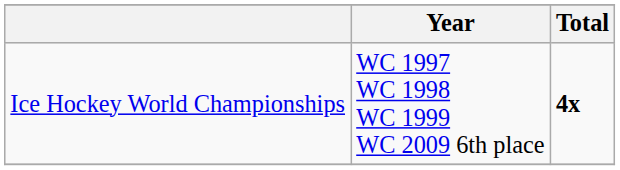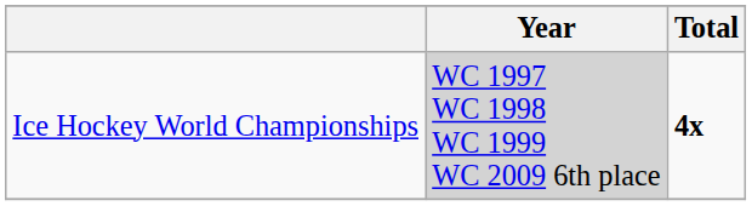 <table class="wikitable">
 <tr bgcolor="#ececec">
 </tr>
 <tr>
 <th></th>
 <th>Year</th>
 <th>Total</th>
 </tr>
 <tr>
 <td><a href='#'>Ice Hockey World Championships</a></td>
-<td><a href='#'>WC 1997</a>   <br>  <a href='#'>WC 1998</a>   <br>  <a href='#'>WC 1999</a> <br><a href='#'>WC 2009</a> 6th place</td>
+<td style="background: lightgrey;"><a href='#'>WC 1997</a>   <br>  <a href='#'>WC 1998</a>   <br>  <a href='#'>WC 1999</a> <br><a href='#'>WC 2009</a> 6th place</td>
 <td><strong>4x</strong></td>
 </tr>
 <tr>
 </tr>
 </table>
